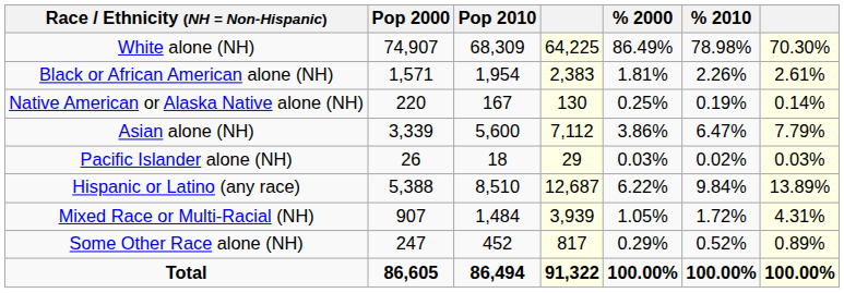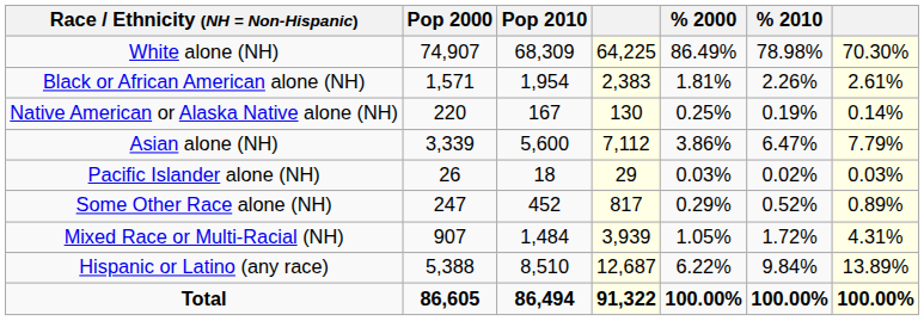 <table class="wikitable" style="text-align:center;">
 <tr>
 <th>Race / Ethnicity <small>(<em>NH = Non-Hispanic</em>)</small></th>
 <th>Pop 2000</th>
 <th>Pop 2010</th>
 <th></th>
 <th>% 2000</th>
 <th>% 2010</th>
 <th></th>
 </tr>
 <tr>
 <td><a href='#'>White</a> alone (NH)</td>
 <td>74,907</td>
 <td>68,309</td>
 <td style='background: #ffffe6;'>64,225</td>
 <td>86.49%</td>
 <td>78.98%</td>
 <td style='background: #ffffe6;'>70.30%</td>
 </tr>
 <tr>
 <td><a href='#'>Black or African American</a> alone (NH)</td>
 <td>1,571</td>
 <td>1,954</td>
 <td style='background: #ffffe6;'>2,383</td>
 <td>1.81%</td>
 <td>2.26%</td>
 <td style='background: #ffffe6;'>2.61%</td>
 </tr>
 <tr>
 <td><a href='#'>Native American</a> or <a href='#'>Alaska Native</a> alone (NH)</td>
 <td>220</td>
 <td>167</td>
 <td style='background: #ffffe6;'>130</td>
 <td>0.25%</td>
 <td>0.19%</td>
 <td style='background: #ffffe6;'>0.14%</td>
 </tr>
 <tr>
 <td><a href='#'>Asian</a> alone (NH)</td>
 <td>3,339</td>
 <td>5,600</td>
 <td style='background: #ffffe6;'>7,112</td>
 <td>3.86%</td>
 <td>6.47%</td>
 <td style='background: #ffffe6;'>7.79%</td>
 </tr>
 <tr>
 <td><a href='#'>Pacific Islander</a> alone (NH)</td>
 <td>26</td>
 <td>18</td>
 <td style='background: #ffffe6;'>29</td>
 <td>0.03%</td>
 <td>0.02%</td>
 <td style='background: #ffffe6;'>0.03%</td>
 </tr>
 <tr>
-<td><a href='#'>Hispanic or Latino</a> (any race)</td>
-<td>5,388</td>
-<td>8,510</td>
-<td style='background: #ffffe6;'>12,687</td>
-<td>6.22%</td>
-<td>9.84%</td>
-<td style='background: #ffffe6;'>13.89%</td>
+<td><a href='#'>Some Other Race</a> alone (NH)</td>
+<td>247</td>
+<td>452</td>
+<td style='background: #ffffe6;'>817</td>
+<td>0.29%</td>
+<td>0.52%</td>
+<td style='background: #ffffe6;'>0.89%</td>
 </tr>
 <tr>
 <td><a href='#'>Mixed Race or Multi-Racial</a> (NH)</td>
 <td>907</td>
 <td>1,484</td>
 <td style='background: #ffffe6;'>3,939</td>
 <td>1.05%</td>
 <td>1.72%</td>
 <td style='background: #ffffe6;'>4.31%</td>
 </tr>
 <tr>
-<td><a href='#'>Some Other Race</a> alone (NH)</td>
-<td>247</td>
-<td>452</td>
-<td style='background: #ffffe6;'>817</td>
-<td>0.29%</td>
-<td>0.52%</td>
-<td style='background: #ffffe6;'>0.89%</td>
+<td><a href='#'>Hispanic or Latino</a> (any race)</td>
+<td>5,388</td>
+<td>8,510</td>
+<td style='background: #ffffe6;'>12,687</td>
+<td>6.22%</td>
+<td>9.84%</td>
+<td style='background: #ffffe6;'>13.89%</td>
 </tr>
 <tr>
 <td><strong>Total</strong></td>
 <td><strong>86,605</strong></td>
 <td><strong>86,494</strong></td>
 <td style='background: #ffffe6;'><strong>91,322</strong></td>
 <td><strong>100.00%</strong></td>
 <td><strong>100.00%</strong></td>
 <td style='background: #ffffe6;'><strong>100.00%</strong></td>
 </tr>
 </table>
